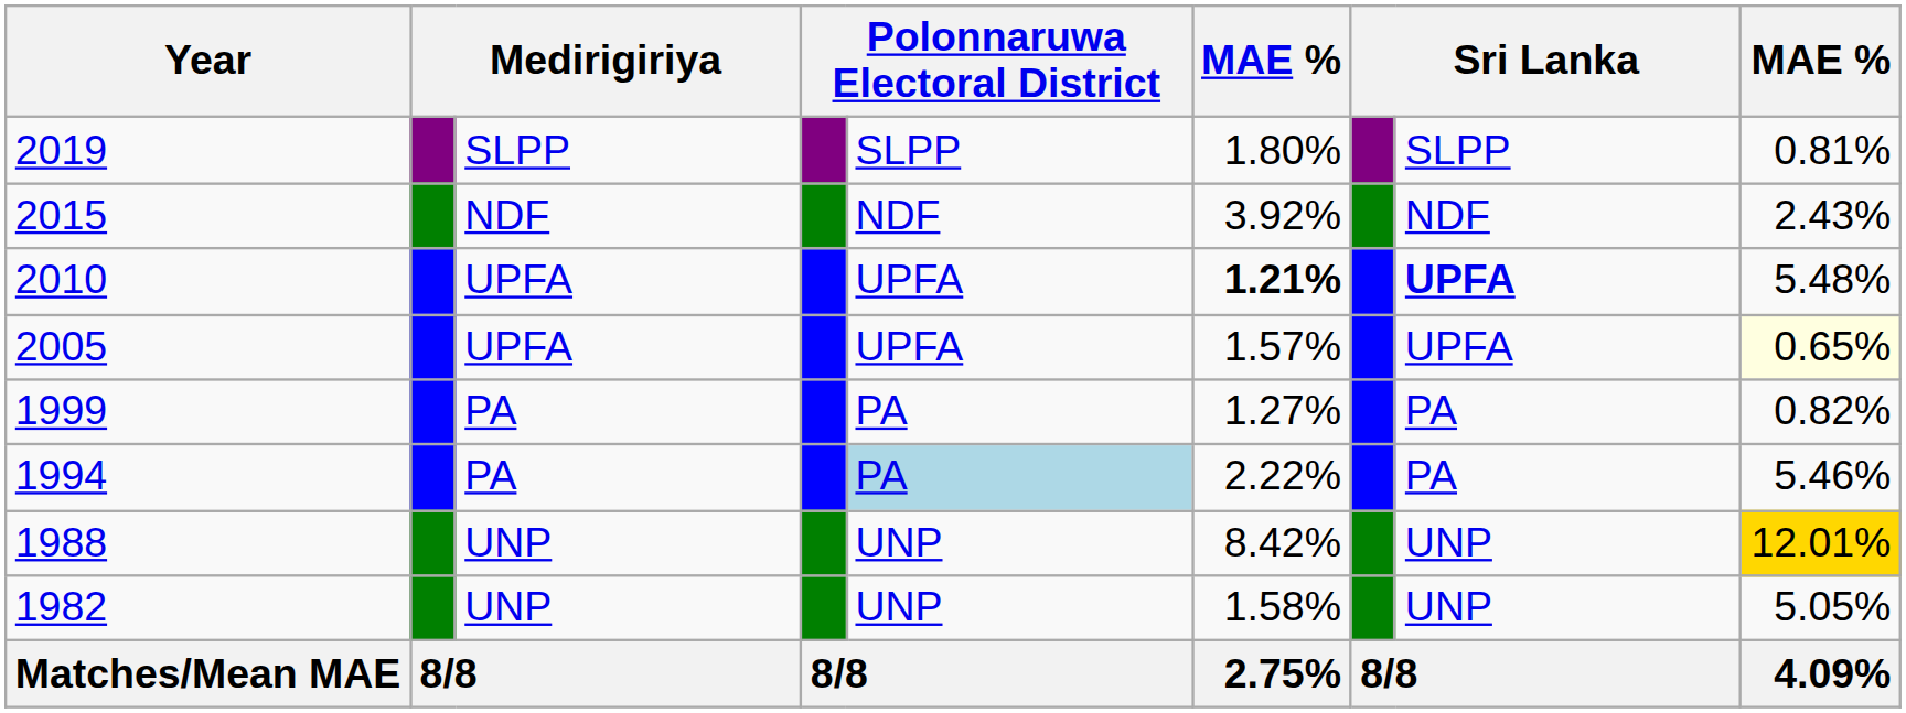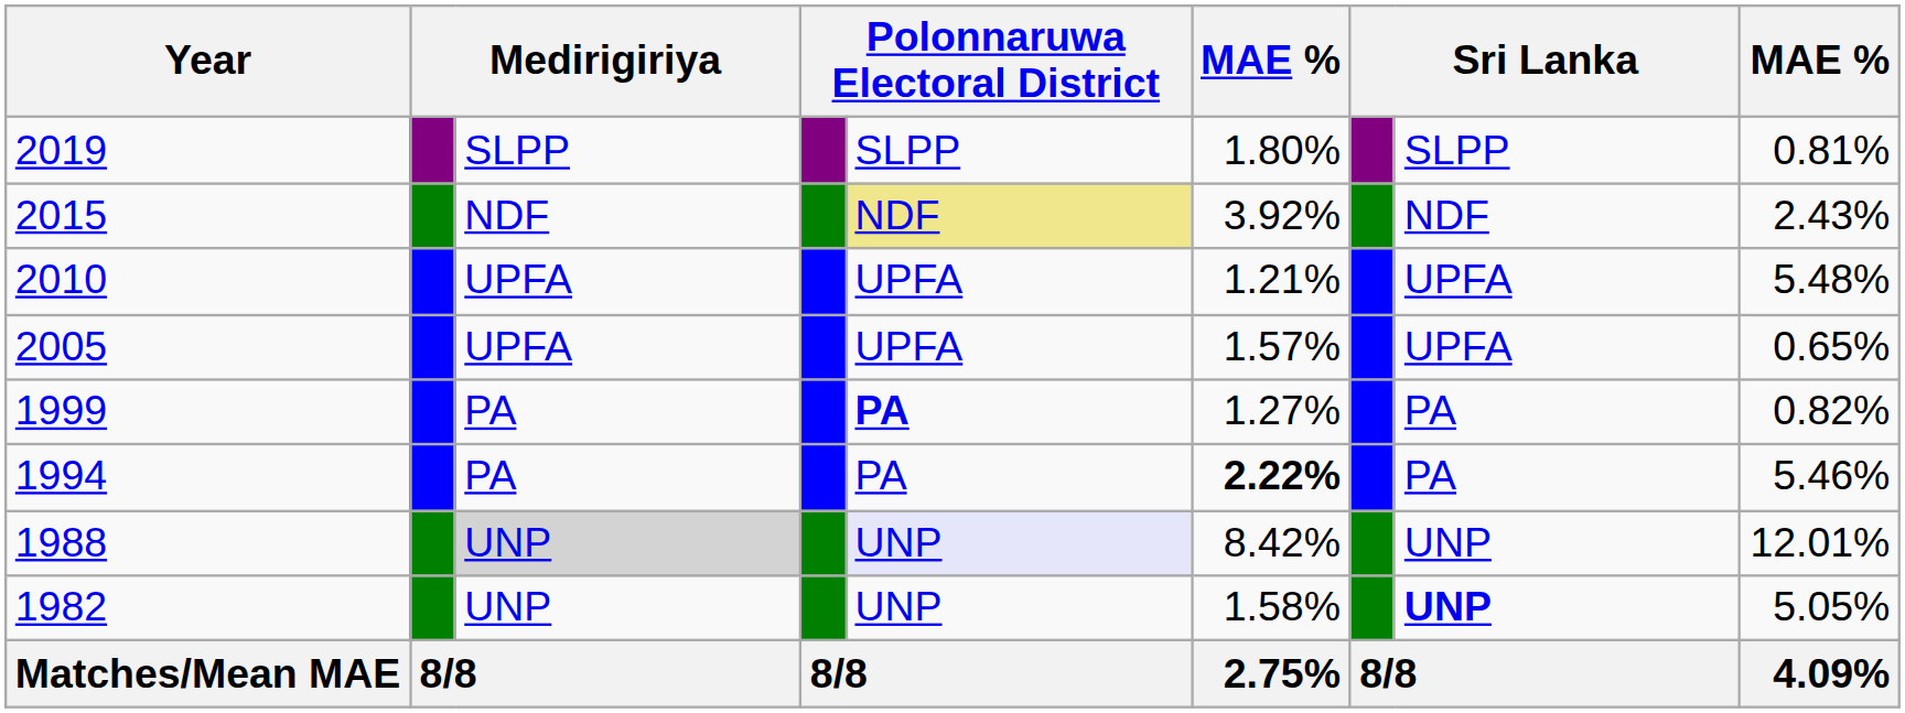 <table class="wikitable">
 <tr>
 <th>Year</th>
 <th colspan="2" width="144px">Medirigiriya</th>
 <th colspan="2" width="144px"><a href='#'>Polonnaruwa Electoral District</a></th>
 <th><a href='#'>MAE</a> %</th>
 <th colspan="2" width="144px">Sri Lanka</th>
 <th>MAE %</th>
 </tr>
 <tr>
 <td><a href='#'>2019</a></td>
 <td style="background-color:purple;" width="10px"></td>
 <td style="text-align:left;"><a href='#'>SLPP</a></td>
 <td style="background-color:purple;" width="10px"></td>
 <td style="text-align:left;"><a href='#'>SLPP</a></td>
 <td style="text-align:right;">1.80%</td>
 <td style="background-color:purple;" width="10px"></td>
 <td style="text-align:left;"><a href='#'>SLPP</a></td>
 <td style="text-align:right;">0.81%</td>
 </tr>
 <tr>
 <td><a href='#'>2015</a></td>
 <td style="background-color:green;" width="10px"></td>
 <td style="text-align:left;"><a href='#'>NDF</a></td>
 <td style="background-color:green;" width="10px"></td>
-<td style="text-align:left;"><a href='#'>NDF</a></td>
+<td style="background: khaki; text-align:left;"><a href='#'>NDF</a></td>
 <td style="text-align:right;">3.92%</td>
 <td style="background-color:green;" width="10px"></td>
 <td style="text-align:left;"><a href='#'>NDF</a></td>
 <td style="text-align:right;">2.43%</td>
 </tr>
 <tr>
 <td><a href='#'>2010</a></td>
 <td style="background-color:blue;" width="10px"></td>
 <td style="text-align:left;"><a href='#'>UPFA</a></td>
 <td style="background-color:blue;" width="10px"></td>
 <td style="text-align:left;"><a href='#'>UPFA</a></td>
-<td style="text-align:right;"><strong>1.21%</strong></td>
+<td style="text-align:right;">1.21%</td>
 <td style="background-color:blue;" width="10px"></td>
-<td style="text-align:left;"><strong><a href='#'>UPFA</a></strong></td>
+<td style="text-align:left;"><a href='#'>UPFA</a></td>
 <td style="text-align:right;">5.48%</td>
 </tr>
 <tr>
 <td><a href='#'>2005</a></td>
 <td style="background-color:blue;" width="10px"></td>
 <td style="text-align:left;"><a href='#'>UPFA</a></td>
 <td style="background-color:blue;" width="10px"></td>
 <td style="text-align:left;"><a href='#'>UPFA</a></td>
 <td style="text-align:right;">1.57%</td>
 <td style="background-color:blue;" width="10px"></td>
 <td style="text-align:left;"><a href='#'>UPFA</a></td>
-<td style="background: lightyellow; text-align:right;">0.65%</td>
+<td style="text-align:right;">0.65%</td>
 </tr>
 <tr>
 <td><a href='#'>1999</a></td>
 <td style="background-color:blue;" width="10px"></td>
 <td style="text-align:left;"><a href='#'>PA</a></td>
 <td style="background-color:blue;" width="10px"></td>
-<td style="text-align:left;"><a href='#'>PA</a></td>
+<td style="text-align:left;"><strong><a href='#'>PA</a></strong></td>
 <td style="text-align:right;">1.27%</td>
 <td style="background-color:blue;" width="10px"></td>
 <td style="text-align:left;"><a href='#'>PA</a></td>
 <td style="text-align:right;">0.82%</td>
 </tr>
 <tr>
 <td><a href='#'>1994</a></td>
 <td style="background-color:blue;" width="10px"></td>
 <td style="text-align:left;"><a href='#'>PA</a></td>
 <td style="background-color:blue;" width="10px"></td>
-<td style="background: lightblue; text-align:left;"><a href='#'>PA</a></td>
-<td style="text-align:right;">2.22%</td>
+<td style="text-align:left;"><a href='#'>PA</a></td>
+<td style="text-align:right;"><strong>2.22%</strong></td>
 <td style="background-color:blue;" width="10px"></td>
 <td style="text-align:left;"><a href='#'>PA</a></td>
 <td style="text-align:right;">5.46%</td>
 </tr>
 <tr>
 <td><a href='#'>1988</a></td>
 <td style="background-color:green;" width="10px"></td>
-<td style="text-align:left;"><a href='#'>UNP</a></td>
+<td style="background: lightgrey; text-align:left;"><a href='#'>UNP</a></td>
 <td style="background-color:green;" width="10px"></td>
-<td style="text-align:left;"><a href='#'>UNP</a></td>
+<td style="background: lavender; text-align:left;"><a href='#'>UNP</a></td>
 <td style="text-align:right;">8.42%</td>
 <td style="background-color:green;" width="10px"></td>
 <td style="text-align:left;"><a href='#'>UNP</a></td>
-<td style="background: gold; text-align:right;">12.01%</td>
+<td style="text-align:right;">12.01%</td>
 </tr>
 <tr>
 <td><a href='#'>1982</a></td>
 <td style="background-color:green;" width="10px"></td>
 <td style="text-align:left;"><a href='#'>UNP</a></td>
 <td style="background-color:green;" width="10px"></td>
 <td style="text-align:left;"><a href='#'>UNP</a></td>
 <td style="text-align:right;">1.58%</td>
 <td style="background-color:green;" width="10px"></td>
-<td style="text-align:left;"><a href='#'>UNP</a></td>
+<td style="text-align:left;"><strong><a href='#'>UNP</a></strong></td>
 <td style="text-align:right;">5.05%</td>
 </tr>
 <tr>
 <th>Matches/Mean MAE</th>
 <th style="text-align:left;"colspan="2" width="144px">8/8</th>
 <th style="text-align:left;"colspan="2" width="144px">8/8</th>
 <th style="text-align:right;">2.75%</th>
 <th style="text-align:left;"colspan="2" width="144px">8/8</th>
 <th style="text-align:right;">4.09%</th>
 </tr>
 </table>
